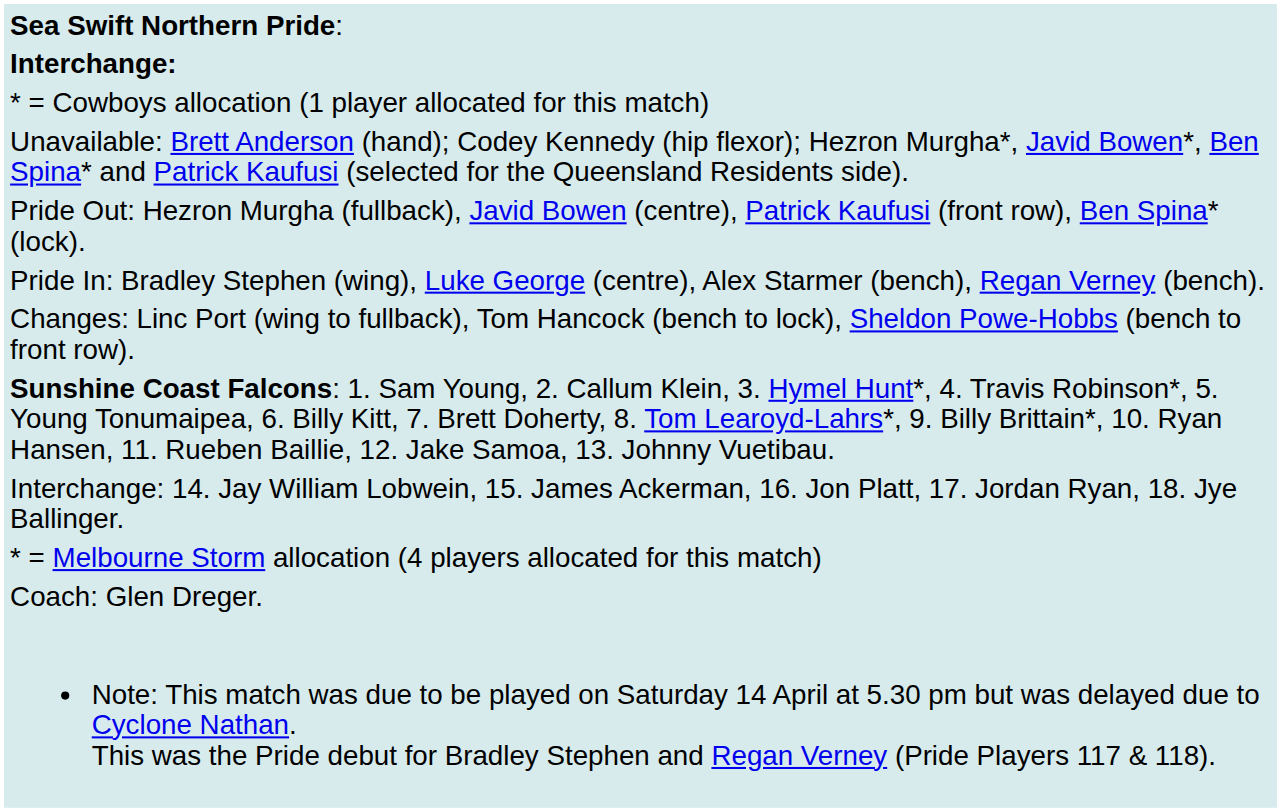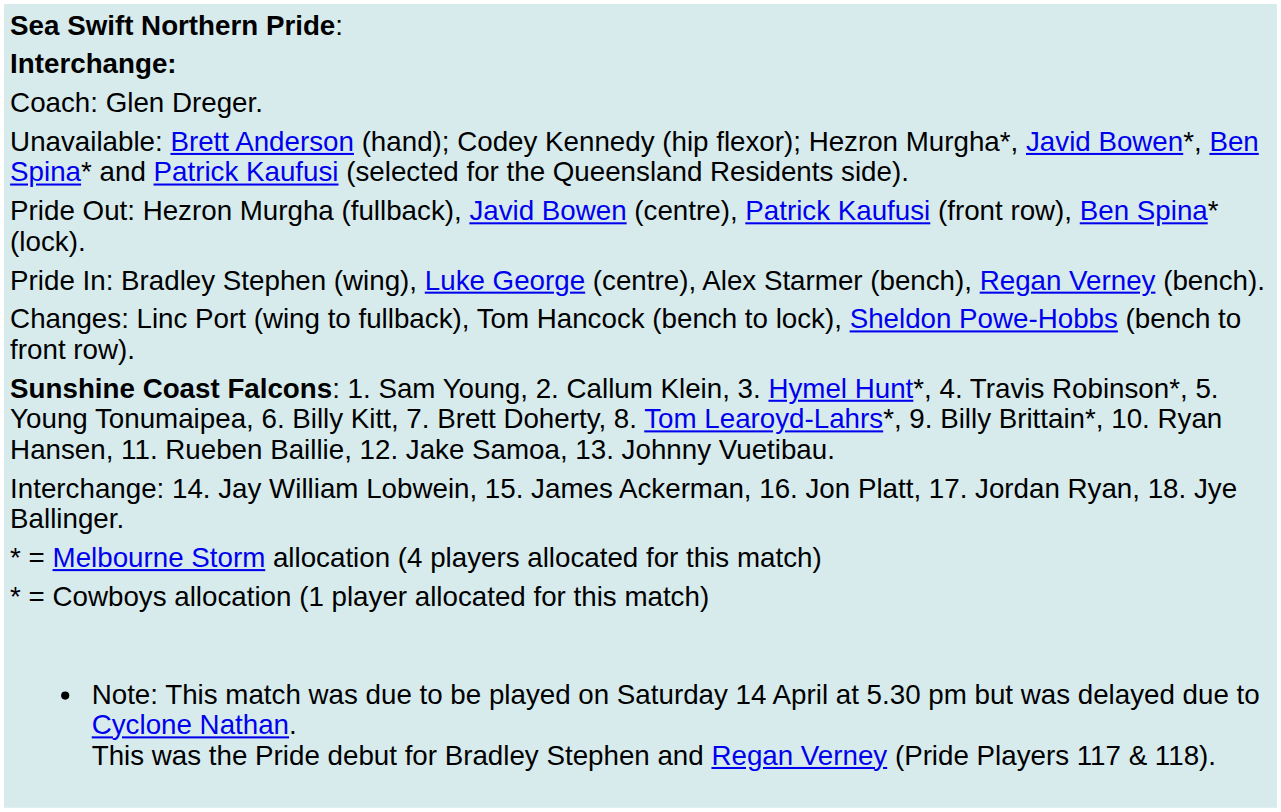 <table style="background:#d7ebed; font-size:85%; width:100%;">
 <tr>
 <td><strong>Sea Swift Northern Pride</strong>:             </td>
 </tr>
 <tr>
 <td><strong>Interchange:    </strong></td>
 </tr>
 <tr>
-<td>* = Cowboys allocation (1 player allocated for this match)</td>
+<td>Coach: Glen Dreger.</td>
 </tr>
 <tr>
 <td>Unavailable: <a href='#'>Brett Anderson</a> (hand); Codey Kennedy (hip flexor); Hezron Murgha*, <a href='#'>Javid Bowen</a>*, <a href='#'>Ben Spina</a>* and <a href='#'>Patrick Kaufusi</a> (selected for the Queensland Residents side).</td>
 </tr>
 <tr>
 <td>Pride Out: Hezron Murgha (fullback), <a href='#'>Javid Bowen</a> (centre), <a href='#'>Patrick Kaufusi</a> (front row), <a href='#'>Ben Spina</a>* (lock).</td>
 </tr>
 <tr>
 <td>Pride In: Bradley Stephen (wing), <a href='#'>Luke George</a> (centre), Alex Starmer (bench), <a href='#'>Regan Verney</a> (bench).</td>
 </tr>
 <tr>
 <td>Changes: Linc Port (wing to fullback), Tom Hancock (bench to lock), <a href='#'>Sheldon Powe-Hobbs</a> (bench to front row).</td>
 </tr>
 <tr>
 <td><strong>Sunshine Coast Falcons</strong>:  1. Sam Young, 2. Callum Klein, 3. <a href='#'>Hymel Hunt</a>*, 4. Travis Robinson*, 5. Young Tonumaipea, 6. Billy Kitt, 7. Brett Doherty, 8. <a href='#'>Tom Learoyd-Lahrs</a>*, 9. Billy Brittain*, 10. Ryan Hansen, 11. Rueben Baillie, 12. Jake Samoa, 13. Johnny Vuetibau.</td>
 </tr>
 <tr>
 <td>Interchange: 14. Jay William Lobwein, 15. James Ackerman, 16. Jon Platt, 17. Jordan Ryan, 18. Jye Ballinger.</td>
 </tr>
 <tr>
 <td>* = <a href='#'>Melbourne Storm</a> allocation (4 players allocated for this match)</td>
 </tr>
 <tr>
-<td>Coach: Glen Dreger.</td>
+<td>* = Cowboys allocation (1 player allocated for this match)</td>
 </tr>
 <tr>
 <td><br><ul><li>Note: This match was due to be played on Saturday 14 April at 5.30 pm but was delayed due to <a href='#'>Cyclone Nathan</a>.<br>This was the Pride debut for Bradley Stephen and <a href='#'>Regan Verney</a> (Pride Players 117 & 118).</li></ul></td>
 </tr>
 <tr>
 </tr>
 </table>
